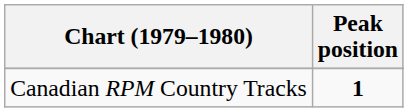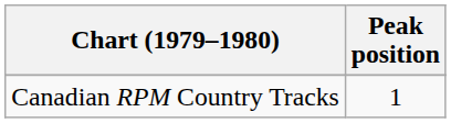 <table class="wikitable sortable">
 <tr>
 <th align="left">Chart (1979–1980)</th>
 <th style="text-align:center;">Peak<br>position</th>
 </tr>
 <tr>
 </tr>
 <tr>
 <td align="left">Canadian <em>RPM</em> Country Tracks</td>
-<td style="text-align:center;"><strong>1</strong></td>
+<td style="text-align:center;">1</td>
 </tr>
 </table>
